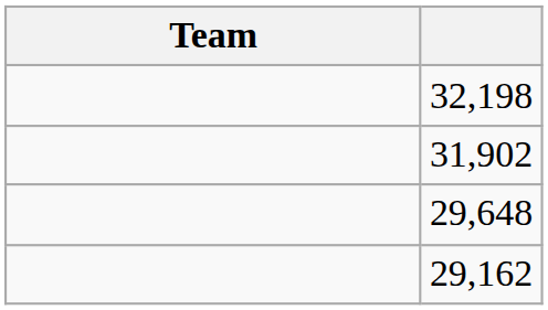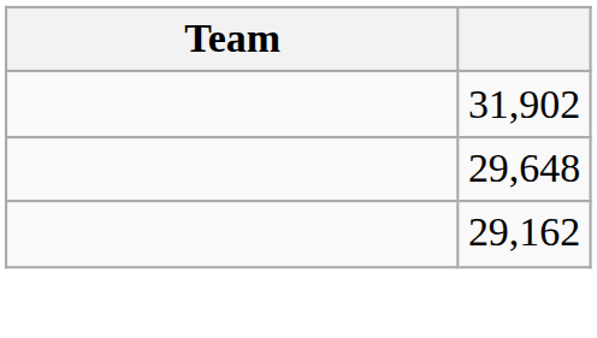 <table class="wikitable" style="display:inline-table;">
 <tr>
 <th width=170>Team</th>
 <th></th>
-</tr>
-<tr>
-<td></td>
-<td align=right>32,198</td>
 </tr>
 <tr>
 <td></td>
 <td align=right>31,902</td>
 </tr>
 <tr>
 <td></td>
 <td align=right>29,648</td>
 </tr>
 <tr>
 <td></td>
 <td align=right>29,162</td>
 </tr>
 </table>
